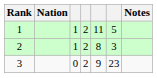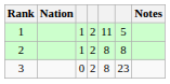 <table class="wikitable sortable" style="text-align: center;">
 <tr>
 <th>Rank</th>
 <th>Nation</th>
 <th></th>
 <th></th>
 <th></th>
 <th></th>
 <th>Notes</th>
 </tr>
 <tr style="background:#cfc;">
 <td>1</td>
 <td align=left></td>
 <td>1</td>
 <td>2</td>
 <td>11</td>
 <td>5</td>
 <td></td>
 </tr>
 <tr style="background:#cfc;">
 <td>2</td>
 <td align=left></td>
 <td>1</td>
 <td>2</td>
 <td>8</td>
-<td>3</td>
+<td>8</td>
 <td></td>
 </tr>
 <tr>
 <td>3</td>
 <td align=left></td>
 <td>0</td>
 <td>2</td>
-<td>9</td>
+<td>8</td>
 <td>23</td>
 <td></td>
 </tr>
 </table>
